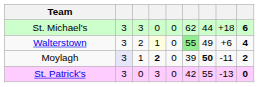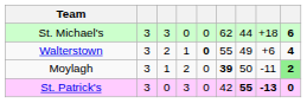 <table class="wikitable" style="text-align:center">
 <tr>
 <th style="width:175px;">Team</th>
 <th width="20"></th>
 <th width="20"></th>
 <th width="20"></th>
 <th width="20"></th>
 <th width="20"></th>
 <th width="20"></th>
 <th width="20"></th>
 <th width="20"></th>
 </tr>
 <tr style="background:#cfc;">
 <td>St. Michael's</td>
 <td>3</td>
 <td>3</td>
 <td>0</td>
 <td>0</td>
 <td>62</td>
 <td>44</td>
 <td>+18</td>
 <td><strong>6</strong></td>
 </tr>
 <tr>
 <td><a href='#'>Walterstown</a></td>
 <td>3</td>
 <td>2</td>
-<td style="background: lightyellow;">1</td>
-<td>0</td>
-<td style="background: lightgreen;">55</td>
+<td>1</td>
+<td><strong>0</strong></td>
+<td>55</td>
 <td>49</td>
 <td>+6</td>
 <td><strong>4</strong></td>
 </tr>
 <tr>
 <td>Moylagh</td>
-<td style="background: lavender;">3</td>
+<td>3</td>
 <td>1</td>
-<td><strong>2</strong></td>
+<td>2</td>
 <td>0</td>
-<td>39</td>
-<td><strong>50</strong></td>
+<td><strong>39</strong></td>
+<td>50</td>
 <td>-11</td>
-<td><strong>2</strong></td>
+<td style="background: lightgreen;"><strong>2</strong></td>
 </tr>
 <tr style="background:#fcf;">
 <td><a href='#'>St. Patrick's</a></td>
 <td>3</td>
 <td>0</td>
 <td>3</td>
 <td>0</td>
 <td>42</td>
-<td>55</td>
-<td>-13</td>
+<td><strong>55</strong></td>
+<td><strong>-13</strong></td>
 <td><strong>0</strong></td>
 </tr>
 </table>
